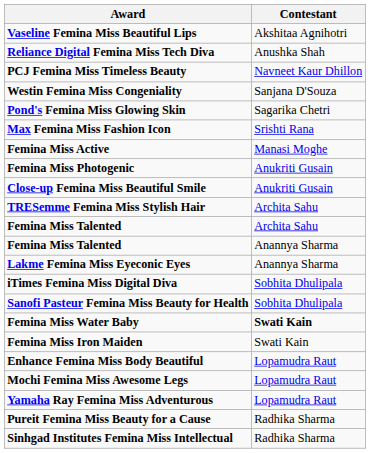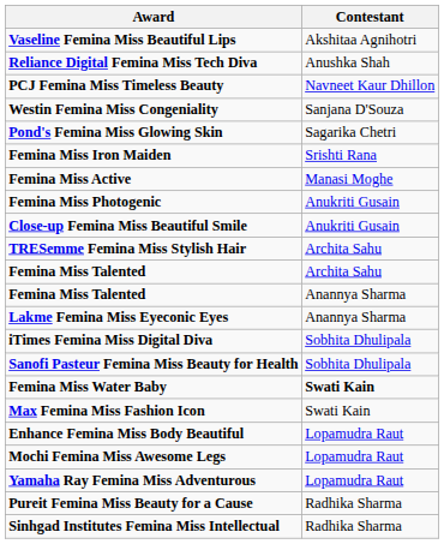 <table class="wikitable">
 <tr>
 <th>Award</th>
 <th>Contestant</th>
 </tr>
 <tr>
 <td><strong><a href='#'>Vaseline</a> Femina Miss Beautiful Lips</strong></td>
 <td>Akshitaa Agnihotri</td>
 </tr>
 <tr>
 <td><strong><a href='#'>Reliance Digital</a> Femina Miss Tech Diva </strong></td>
 <td>Anushka Shah</td>
 </tr>
 <tr>
 <td><strong>PCJ Femina Miss Timeless Beauty</strong></td>
 <td><a href='#'>Navneet Kaur Dhillon</a></td>
 </tr>
 <tr>
 <td><strong>Westin Femina Miss Congeniality </strong></td>
 <td>Sanjana D'Souza</td>
 </tr>
 <tr>
 <td><strong><a href='#'>Pond's</a> Femina Miss Glowing Skin</strong></td>
 <td>Sagarika Chetri</td>
 </tr>
 <tr>
-<td><strong><a href='#'>Max</a> Femina Miss Fashion Icon </strong></td>
+<td><strong>Femina Miss Iron Maiden</strong></td>
 <td><a href='#'>Srishti Rana</a></td>
 </tr>
 <tr>
 <td><strong>Femina Miss Active</strong></td>
 <td><a href='#'>Manasi Moghe</a></td>
 </tr>
 <tr>
 <td><strong>Femina Miss Photogenic</strong></td>
 <td><a href='#'>Anukriti Gusain</a></td>
 </tr>
 <tr>
 <td><strong><a href='#'>Close-up</a> Femina Miss Beautiful Smile</strong></td>
 <td><a href='#'>Anukriti Gusain</a></td>
 </tr>
 <tr>
 <td><strong><a href='#'>TRESemme</a> Femina Miss Stylish Hair</strong></td>
 <td><a href='#'>Archita Sahu</a></td>
 </tr>
 <tr>
 <td><strong>Femina Miss Talented</strong></td>
 <td><a href='#'>Archita Sahu</a></td>
 </tr>
 <tr>
 <td><strong>Femina Miss Talented</strong></td>
 <td>Anannya Sharma</td>
 </tr>
 <tr>
 <td><strong><a href='#'>Lakme</a> Femina Miss Eyeconic Eyes</strong></td>
 <td>Anannya Sharma</td>
 </tr>
 <tr>
 <td><strong>iTimes Femina Miss Digital Diva</strong></td>
 <td><a href='#'>Sobhita Dhulipala</a></td>
 </tr>
 <tr>
 <td><strong><a href='#'>Sanofi Pasteur</a> Femina Miss Beauty for Health</strong></td>
 <td><a href='#'>Sobhita Dhulipala</a></td>
 </tr>
 <tr>
 <td><strong>Femina Miss Water Baby</strong></td>
 <td><strong>Swati Kain</strong></td>
 </tr>
 <tr>
-<td><strong>Femina Miss Iron Maiden</strong></td>
+<td><strong><a href='#'>Max</a> Femina Miss Fashion Icon </strong></td>
 <td>Swati Kain</td>
 </tr>
 <tr>
 <td><strong>Enhance Femina Miss Body Beautiful</strong></td>
 <td><a href='#'>Lopamudra Raut</a></td>
 </tr>
 <tr>
 <td><strong>Mochi Femina Miss Awesome Legs</strong></td>
 <td><a href='#'>Lopamudra Raut</a></td>
 </tr>
 <tr>
 <td><strong><a href='#'>Yamaha</a> Ray Femina Miss Adventurous</strong></td>
 <td><a href='#'>Lopamudra Raut</a></td>
 </tr>
 <tr>
 <td><strong>Pureit Femina Miss Beauty for a Cause</strong></td>
 <td>Radhika Sharma</td>
 </tr>
 <tr>
 <td><strong>Sinhgad Institutes Femina Miss Intellectual </strong></td>
 <td>Radhika Sharma</td>
 </tr>
 </table>
